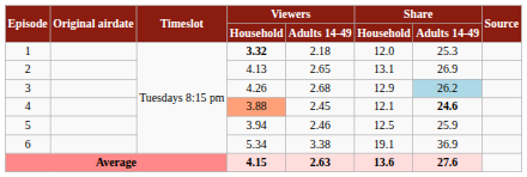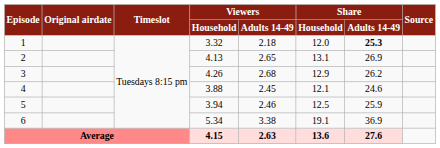 <table class="wikitable" style="text-align:center;">
 <tr>
 <th style="background:#8b1c10; color:#fff;" rowspan="2">Episode</th>
 <th style="background:#8b1c10; color:#fff;" rowspan="2">Original airdate</th>
 <th style="background:#8b1c10; color:#fff;" rowspan="2">Timeslot</th>
 <th style="background:#8b1c10; color:#fff;" colspan="2">Viewers<br><small></small></th>
 <th style="background:#8b1c10; color:#fff;" colspan="2">Share<br><small></small></th>
 <th style="background:#8b1c10; color:#fff;" rowspan="2">Source</th>
 </tr>
 <tr>
 <th style="background:#8b1c10; color:#fff;">Household</th>
 <th style="background:#8b1c10; color:#fff;">Adults 14-49</th>
 <th style="background:#8b1c10; color:#fff;">Household</th>
 <th style="background:#8b1c10; color:#fff;">Adults 14-49</th>
 </tr>
 <tr>
 <td>1</td>
 <td></td>
 <td rowspan=6>Tuesdays 8:15 pm</td>
-<td><strong>3.32</strong></td>
+<td>3.32</td>
 <td>2.18</td>
 <td>12.0</td>
-<td>25.3</td>
+<td><strong>25.3</strong></td>
 <td></td>
 </tr>
 <tr>
 <td>2</td>
 <td></td>
 <td>4.13</td>
 <td>2.65</td>
 <td>13.1</td>
 <td>26.9</td>
 <td></td>
 </tr>
 <tr>
 <td>3</td>
 <td></td>
 <td>4.26</td>
 <td>2.68</td>
 <td>12.9</td>
-<td style="background: lightblue;">26.2</td>
+<td>26.2</td>
 <td></td>
 </tr>
 <tr>
 <td>4</td>
 <td></td>
-<td style="background: lightsalmon;">3.88</td>
+<td>3.88</td>
 <td>2.45</td>
 <td>12.1</td>
-<td><strong>24.6</strong></td>
+<td>24.6</td>
 <td></td>
 </tr>
 <tr>
 <td>5</td>
 <td></td>
 <td>3.94</td>
 <td>2.46</td>
 <td>12.5</td>
 <td>25.9</td>
 <td></td>
 </tr>
 <tr>
 <td>6</td>
 <td></td>
 <td>5.34</td>
 <td>3.38</td>
 <td>19.1</td>
 <td>36.9</td>
 <td></td>
 </tr>
 <tr>
 <th style="background:#ff8888;" colspan="3">Average</th>
 <td style="background:#ffdddd;"><strong>4.15</strong></td>
 <td style="background:#ffdddd;"><strong>2.63</strong></td>
 <td style="background:#ffdddd;"><strong>13.6</strong></td>
 <td style="background:#ffdddd;"><strong>27.6</strong></td>
 <td></td>
 </tr>
 </table>
